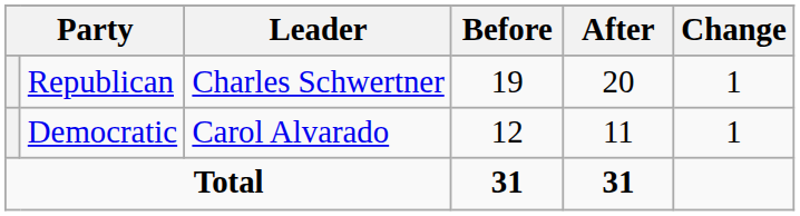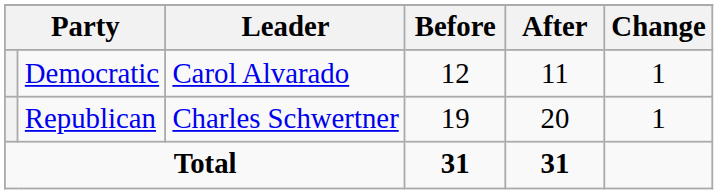 <table class="wikitable" style="text-align:center;">
 <tr>
 </tr>
 <tr>
 <th colspan="2">Party</th>
 <th>Leader</th>
 <th style="width:3em">Before</th>
 <th style="width:3em">After</th>
 <th style="width:3em">Change</th>
 </tr>
 <tr>
 <th style="background-color:"></th>
+<td style="text-align:left;"><a href='#'>Democratic</a></td>
+<td style="text-align:left;"><a href='#'>Carol Alvarado</a></td>
+<td>12</td>
+<td>11</td>
+<td> 1</td>
+</tr>
+<tr>
+<th style="background-color:"></th>
 <td style="text-align:left;"><a href='#'>Republican</a></td>
 <td style="text-align:left;"><a href='#'>Charles Schwertner</a></td>
 <td>19</td>
 <td>20</td>
-<td> 1</td>
-</tr>
-<tr>
-<th style="background-color:"></th>
-<td style="text-align:left;"><a href='#'>Democratic</a></td>
-<td style="text-align:left;"><a href='#'>Carol Alvarado</a></td>
-<td>12</td>
-<td>11</td>
 <td> 1</td>
 </tr>
 <tr>
 <td colspan="3"><strong>Total</strong></td>
 <td><strong>31</strong></td>
 <td><strong>31</strong></td>
 <td></td>
 </tr>
 </table>
